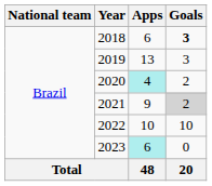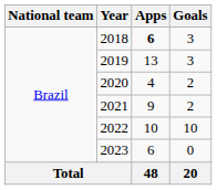 <table class="wikitable" style="text-align: center;">
 <tr>
 <th>National team</th>
 <th>Year</th>
 <th>Apps</th>
 <th>Goals</th>
 </tr>
 <tr>
 <td rowspan="6"><a href='#'>Brazil</a></td>
 <td>2018</td>
-<td>6</td>
-<td><strong>3</strong></td>
+<td><strong>6</strong></td>
+<td>3</td>
 </tr>
 <tr>
 <td>2019</td>
 <td>13</td>
 <td>3</td>
 </tr>
 <tr>
 <td>2020</td>
-<td style="background: paleturquoise;">4</td>
+<td>4</td>
 <td>2</td>
 </tr>
 <tr>
 <td>2021</td>
 <td>9</td>
-<td style="background: lightgrey;">2</td>
+<td>2</td>
 </tr>
 <tr>
 <td>2022</td>
 <td>10</td>
 <td>10</td>
 </tr>
 <tr>
 <td>2023</td>
-<td style="background: paleturquoise;">6</td>
+<td>6</td>
 <td>0</td>
 </tr>
 <tr>
 <th colspan="2">Total</th>
 <th>48</th>
 <th>20</th>
 </tr>
 </table>
